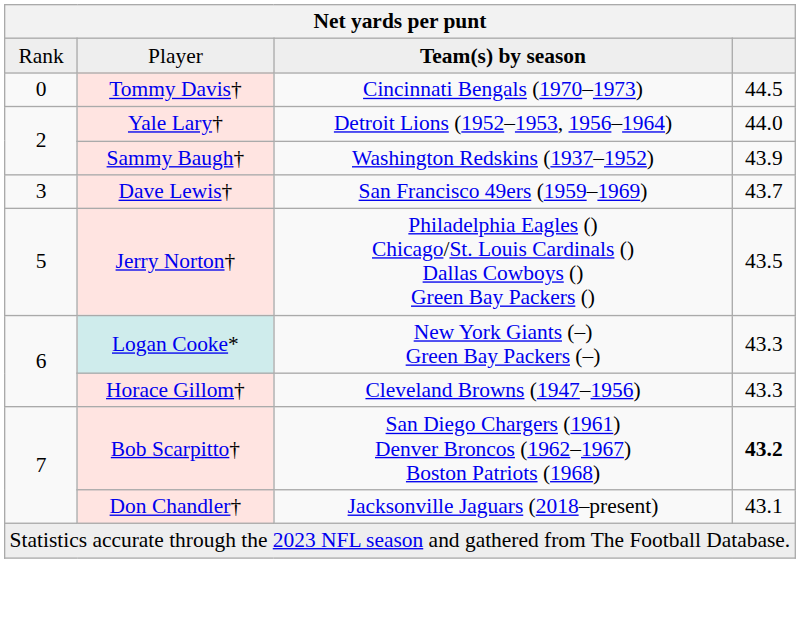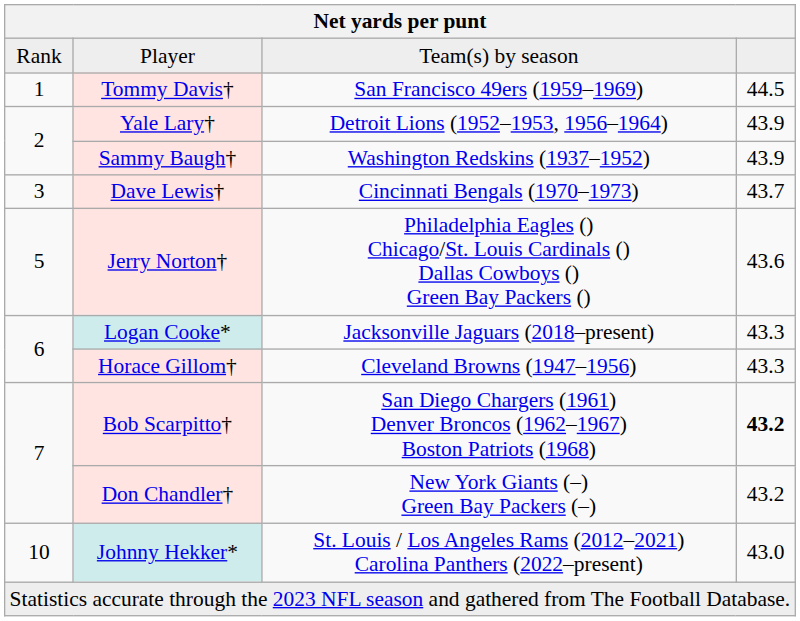 <table class="wikitable" style='text-align: center;'>
 <tr>
 <th colspan="4">Net yards per punt</th>
 </tr>
 <tr>
 <td style="background:#eee;">Rank</td>
 <td style="background:#eee;">Player</td>
-<td style="background:#eee;"><strong>Team(s) by season</strong></td>
+<td style="background:#eee;">Team(s) by season</td>
 <td style="background:#eee;"></td>
 </tr>
 <tr>
-<td>0</td>
+<td>1</td>
 <td style="background:#FFE4E1;"><a href='#'>Tommy Davis</a>†</td>
-<td><a href='#'>Cincinnati Bengals</a> (<a href='#'>1970</a>–<a href='#'>1973</a>)</td>
+<td><a href='#'>San Francisco 49ers</a> (<a href='#'>1959</a>–<a href='#'>1969</a>)</td>
 <td>44.5</td>
 </tr>
 <tr>
 <td rowspan="2">2</td>
 <td style="background:#FFE4E1;"><a href='#'>Yale Lary</a>†</td>
 <td><a href='#'>Detroit Lions</a> (<a href='#'>1952</a>–<a href='#'>1953</a>, <a href='#'>1956</a>–<a href='#'>1964</a>)</td>
-<td>44.0</td>
+<td>43.9</td>
 </tr>
 <tr>
 <td style="background:#FFE4E1;"><a href='#'>Sammy Baugh</a>†</td>
 <td><a href='#'>Washington Redskins</a> (<a href='#'>1937</a>–<a href='#'>1952</a>)</td>
 <td>43.9</td>
 </tr>
 <tr>
 <td>3</td>
 <td style="background:#FFE4E1;"><a href='#'>Dave Lewis</a>†</td>
-<td><a href='#'>San Francisco 49ers</a> (<a href='#'>1959</a>–<a href='#'>1969</a>)</td>
+<td><a href='#'>Cincinnati Bengals</a> (<a href='#'>1970</a>–<a href='#'>1973</a>)</td>
 <td>43.7</td>
 </tr>
 <tr>
 <td>5</td>
 <td style="background:#FFE4E1;"><a href='#'>Jerry Norton</a>†</td>
 <td><a href='#'>Philadelphia Eagles</a> ()<br><a href='#'>Chicago</a>/<a href='#'>St. Louis Cardinals</a> ()<br><a href='#'>Dallas Cowboys</a> ()<br><a href='#'>Green Bay Packers</a> ()</td>
-<td>43.5</td>
+<td>43.6</td>
 </tr>
 <tr>
 <td rowspan="2">6</td>
 <td style="background:#cfecec;"><a href='#'>Logan Cooke</a>*</td>
-<td><a href='#'>New York Giants</a> (–)<br><a href='#'>Green Bay Packers</a> (–)</td>
+<td><a href='#'>Jacksonville Jaguars</a> (<a href='#'>2018</a>–present)</td>
 <td>43.3</td>
 </tr>
 <tr>
 <td style="background:#FFE4E1;"><a href='#'>Horace Gillom</a>†</td>
 <td><a href='#'>Cleveland Browns</a> (<a href='#'>1947</a>–<a href='#'>1956</a>)</td>
 <td>43.3</td>
 </tr>
 <tr>
 <td rowspan="2">7</td>
 <td style="background:#FFE4E1;"><a href='#'>Bob Scarpitto</a>†</td>
 <td><a href='#'>San Diego Chargers</a> (<a href='#'>1961</a>)<br> <a href='#'>Denver Broncos</a> (<a href='#'>1962</a>–<a href='#'>1967</a>)<br><a href='#'>Boston Patriots</a> (<a href='#'>1968</a>)</td>
 <td><strong>43.2</strong></td>
 </tr>
 <tr>
 <td style="background:#FFE4E1;"><a href='#'>Don Chandler</a>†</td>
-<td><a href='#'>Jacksonville Jaguars</a> (<a href='#'>2018</a>–present)</td>
-<td>43.1</td>
+<td><a href='#'>New York Giants</a> (–)<br><a href='#'>Green Bay Packers</a> (–)</td>
+<td>43.2</td>
+</tr>
+<tr>
+<td>10</td>
+<td style="background:#cfecec;"><a href='#'>Johnny Hekker</a>*</td>
+<td><a href='#'>St. Louis</a> / <a href='#'>Los Angeles Rams</a> (<a href='#'>2012</a>–<a href='#'>2021</a>)<br><a href='#'>Carolina Panthers</a> (<a href='#'>2022</a>–present)</td>
+<td>43.0</td>
 </tr>
 <tr class="sortbottom" style="background:#eee;">
 <td style="text-align:center;" colspan="4">Statistics accurate through the <a href='#'>2023 NFL season</a> and gathered from The Football Database.</td>
 </tr>
 </table>
